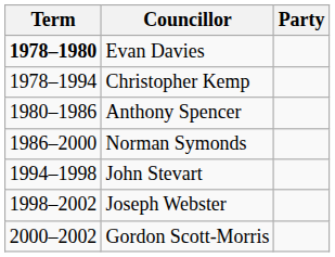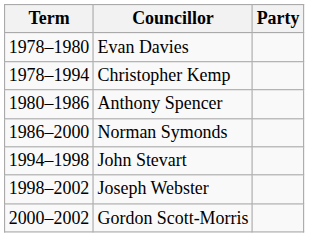 <table class="wikitable">
 <tr>
 <th>Term</th>
 <th>Councillor</th>
 <th colspan=2>Party</th>
 </tr>
 <tr>
-<td><strong>1978–1980</strong></td>
+<td>1978–1980</td>
 <td>Evan Davies</td>
 <td></td>
 </tr>
 <tr>
 <td>1978–1994</td>
 <td>Christopher Kemp</td>
 <td></td>
 </tr>
 <tr>
 <td>1980–1986</td>
 <td>Anthony Spencer</td>
 <td></td>
 </tr>
 <tr>
 <td>1986–2000</td>
 <td>Norman Symonds</td>
 <td></td>
 </tr>
 <tr>
 <td>1994–1998</td>
 <td>John Stevart</td>
 <td></td>
 </tr>
 <tr>
 <td>1998–2002</td>
 <td>Joseph Webster</td>
 <td></td>
 </tr>
 <tr>
 <td>2000–2002</td>
 <td>Gordon Scott-Morris</td>
 <td></td>
 </tr>
 </table>
